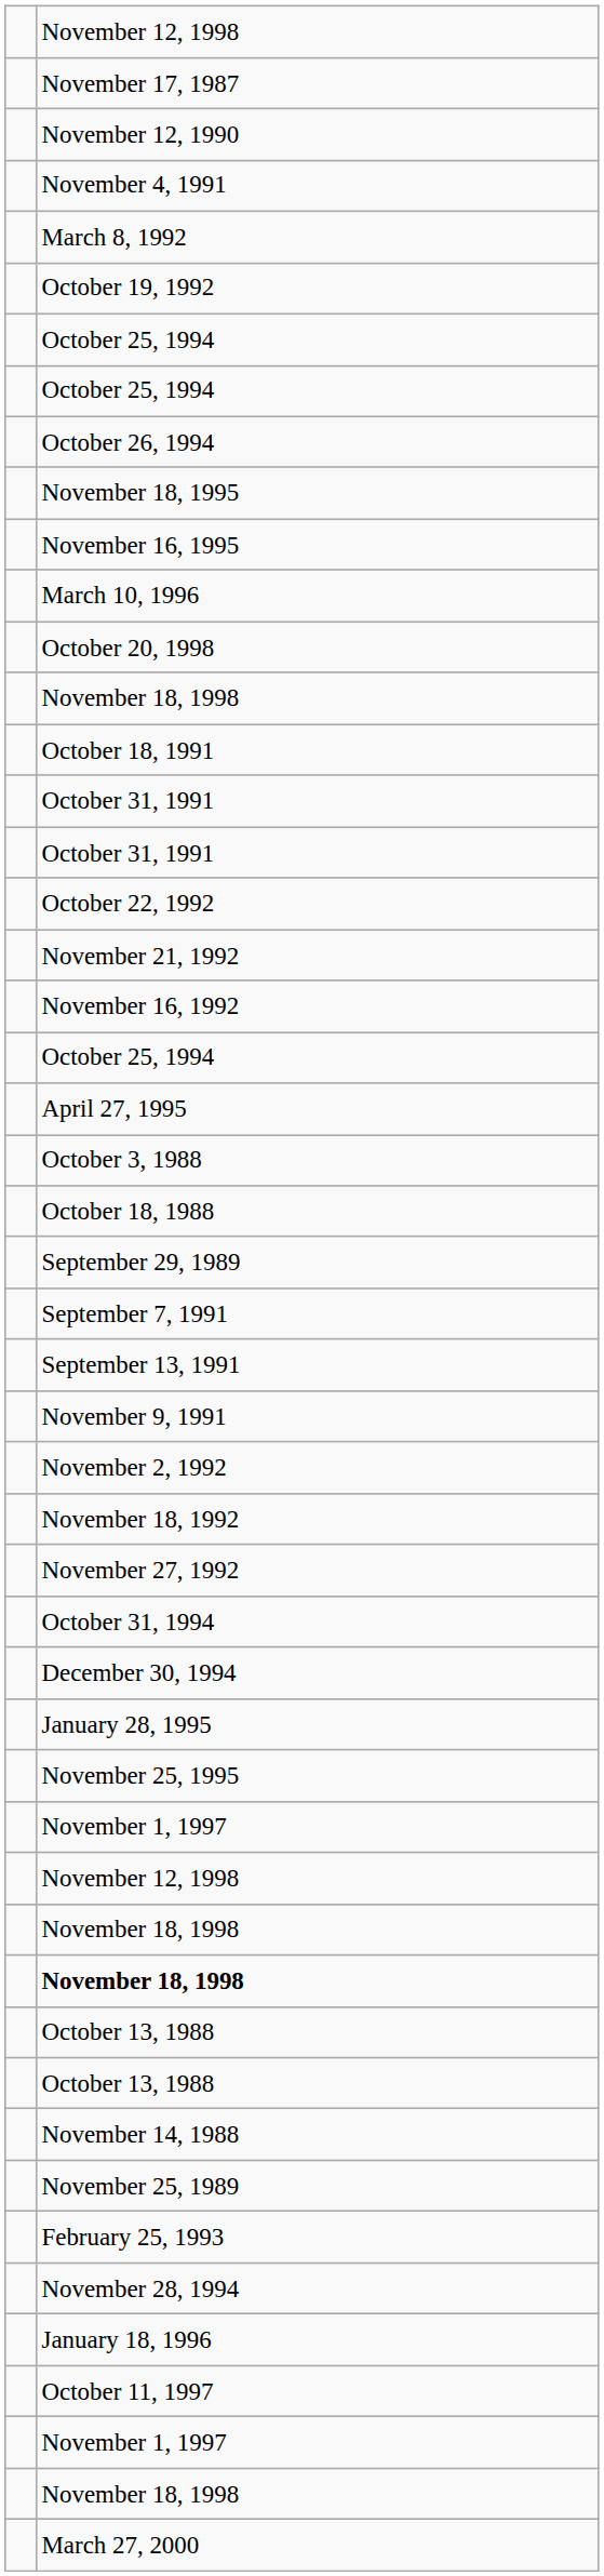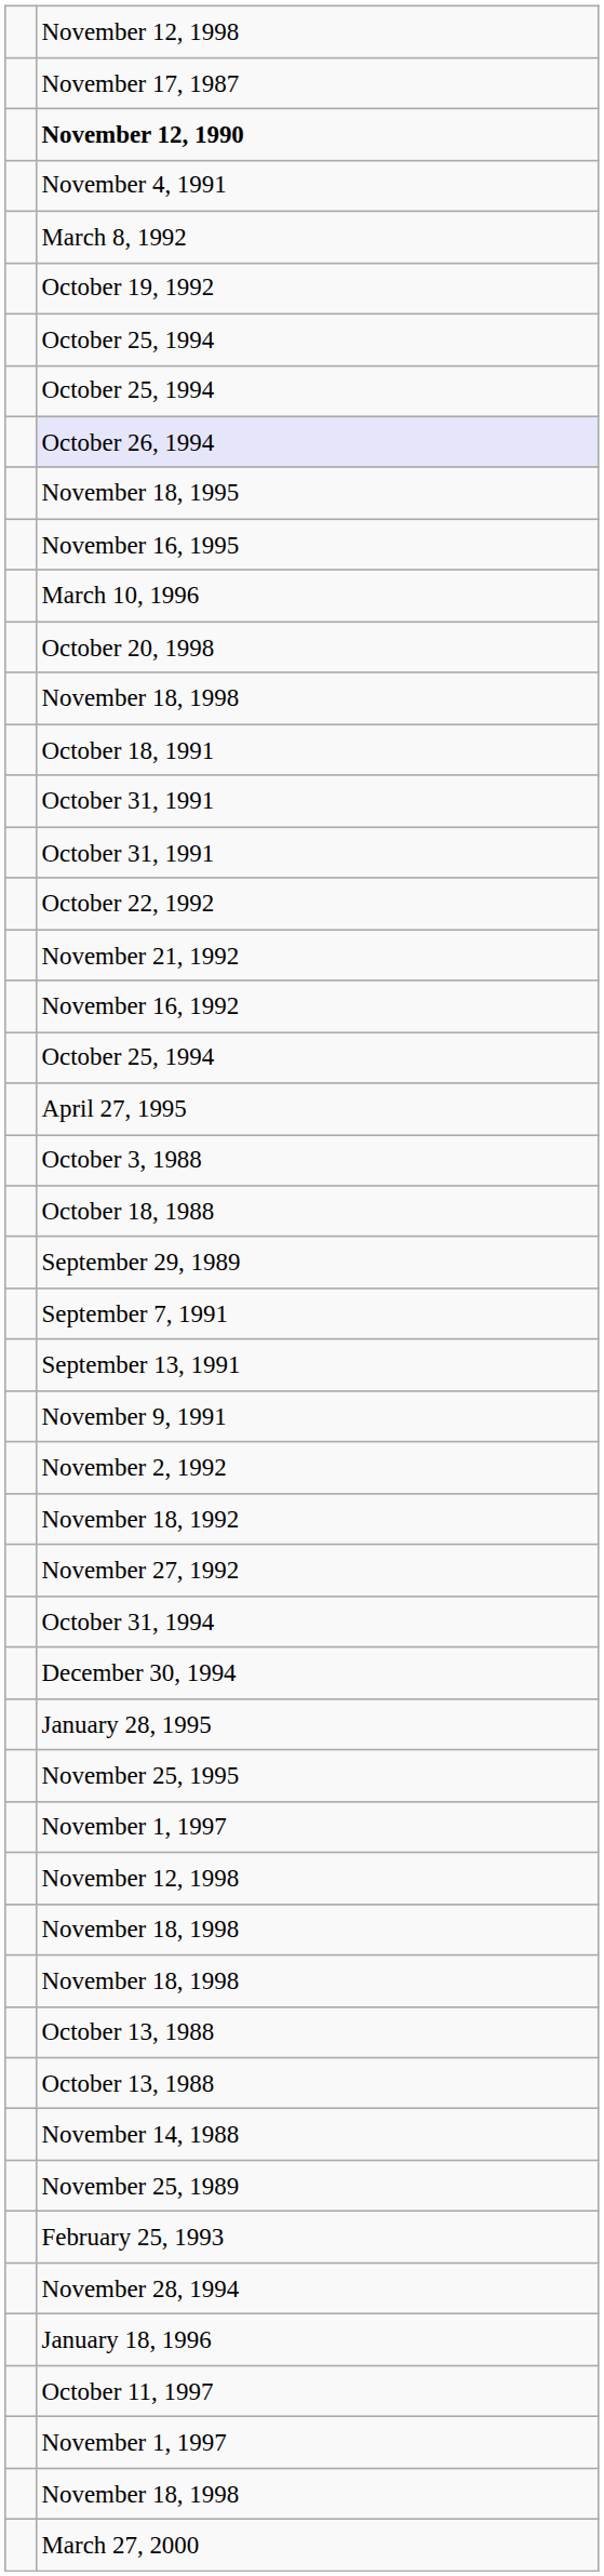 <table class="wikitable" style="font-size: 89%; float: left; width: 24em; margin-right: 1em; line-height: 1.6em !important;  height: 1250px;">
 <tr>
 <td></td>
 <td>November 12, 1998</td>
 </tr>
 <tr>
 <td></td>
 <td>November 17, 1987</td>
 </tr>
 <tr>
 <td></td>
-<td>November 12, 1990</td>
+<td><strong>November 12, 1990</strong></td>
 </tr>
 <tr>
 <td></td>
 <td>November 4, 1991</td>
 </tr>
 <tr>
 <td></td>
 <td>March 8, 1992</td>
 </tr>
 <tr>
 <td></td>
 <td>October 19, 1992</td>
 </tr>
 <tr>
 <td></td>
 <td>October 25, 1994</td>
 </tr>
 <tr>
 <td></td>
 <td>October 25, 1994</td>
 </tr>
 <tr>
 <td></td>
-<td>October 26, 1994</td>
+<td style="background: lavender;">October 26, 1994</td>
 </tr>
 <tr>
 <td></td>
 <td>November 18, 1995</td>
 </tr>
 <tr>
 <td></td>
 <td>November 16, 1995</td>
 </tr>
 <tr>
 <td></td>
 <td>March 10, 1996</td>
 </tr>
 <tr>
 <td></td>
 <td>October 20, 1998</td>
 </tr>
 <tr>
 <td></td>
 <td>November 18, 1998</td>
 </tr>
 <tr>
 <td></td>
 <td>October 18, 1991</td>
 </tr>
 <tr>
 <td></td>
 <td>October 31, 1991</td>
 </tr>
 <tr>
 <td></td>
 <td>October 31, 1991</td>
 </tr>
 <tr>
 <td></td>
 <td>October 22, 1992</td>
 </tr>
 <tr>
 <td></td>
 <td>November 21, 1992</td>
 </tr>
 <tr>
 <td></td>
 <td>November 16, 1992</td>
 </tr>
 <tr>
 <td></td>
 <td>October 25, 1994</td>
 </tr>
 <tr>
 <td></td>
 <td>April 27, 1995</td>
 </tr>
 <tr>
 <td></td>
 <td>October 3, 1988</td>
 </tr>
 <tr>
 <td></td>
 <td>October 18, 1988</td>
 </tr>
 <tr>
 <td></td>
 <td>September 29, 1989</td>
 </tr>
 <tr>
 <td></td>
 <td>September 7, 1991</td>
 </tr>
 <tr>
 <td></td>
 <td>September 13, 1991</td>
 </tr>
 <tr>
 <td></td>
 <td>November 9, 1991</td>
 </tr>
 <tr>
 <td></td>
 <td>November 2, 1992</td>
 </tr>
 <tr>
 <td></td>
 <td>November 18, 1992</td>
 </tr>
 <tr>
 <td></td>
 <td>November 27, 1992</td>
 </tr>
 <tr>
 <td></td>
 <td>October 31, 1994</td>
 </tr>
 <tr>
 <td></td>
 <td>December 30, 1994</td>
 </tr>
 <tr>
 <td></td>
 <td>January 28, 1995</td>
 </tr>
 <tr>
 <td></td>
 <td>November 25, 1995</td>
 </tr>
 <tr>
 <td></td>
 <td>November 1, 1997</td>
 </tr>
 <tr>
 <td></td>
 <td>November 12, 1998</td>
 </tr>
 <tr>
 <td></td>
 <td>November 18, 1998</td>
 </tr>
 <tr>
 <td></td>
-<td><strong>November 18, 1998</strong></td>
+<td>November 18, 1998</td>
 </tr>
 <tr>
 <td></td>
 <td>October 13, 1988</td>
 </tr>
 <tr>
 <td></td>
 <td>October 13, 1988</td>
 </tr>
 <tr>
 <td></td>
 <td>November 14, 1988</td>
 </tr>
 <tr>
 <td></td>
 <td>November 25, 1989</td>
 </tr>
 <tr>
 <td></td>
 <td>February 25, 1993</td>
 </tr>
 <tr>
 <td></td>
 <td>November 28, 1994</td>
 </tr>
 <tr>
 <td></td>
 <td>January 18, 1996</td>
 </tr>
 <tr>
 <td></td>
 <td>October 11, 1997</td>
 </tr>
 <tr>
 <td></td>
 <td>November 1, 1997</td>
 </tr>
 <tr>
 <td></td>
 <td>November 18, 1998</td>
 </tr>
 <tr>
 <td></td>
 <td>March 27, 2000</td>
 </tr>
 </table>
